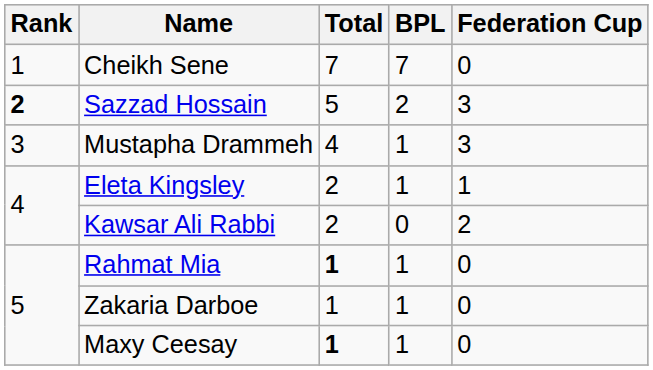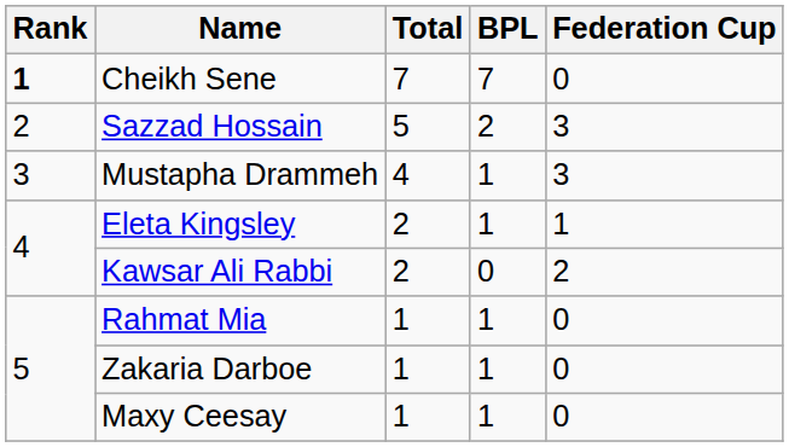 <table class="wikitable">
 <tr>
 <th>Rank</th>
 <th>Name</th>
 <th>Total</th>
 <th>BPL</th>
 <th>Federation Cup</th>
 </tr>
 <tr>
-<td>1</td>
+<td><strong>1</strong></td>
 <td> Cheikh Sene</td>
 <td>7</td>
 <td>7</td>
 <td>0</td>
 </tr>
 <tr>
-<td><strong>2</strong></td>
+<td>2</td>
 <td> <a href='#'>Sazzad Hossain</a></td>
 <td>5</td>
 <td>2</td>
 <td>3</td>
 </tr>
 <tr>
 <td>3</td>
 <td> Mustapha Drammeh</td>
 <td>4</td>
 <td>1</td>
 <td>3</td>
 </tr>
 <tr>
 <td rowspan="2">4</td>
 <td> <a href='#'>Eleta Kingsley</a></td>
 <td>2</td>
 <td>1</td>
 <td>1</td>
 </tr>
 <tr>
 <td> <a href='#'>Kawsar Ali Rabbi</a></td>
 <td>2</td>
 <td>0</td>
 <td>2</td>
 </tr>
 <tr>
 <td rowspan="3">5</td>
 <td> <a href='#'>Rahmat Mia</a></td>
-<td><strong>1</strong></td>
+<td>1</td>
 <td>1</td>
 <td>0</td>
 </tr>
 <tr>
 <td> Zakaria Darboe</td>
 <td>1</td>
 <td>1</td>
 <td>0</td>
 </tr>
 <tr>
 <td> Maxy Ceesay</td>
-<td><strong>1</strong></td>
+<td>1</td>
 <td>1</td>
 <td>0</td>
 </tr>
 </table>
